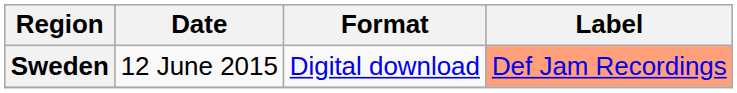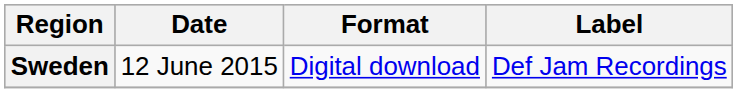 <table class="wikitable sortable plainrowheaders" style="text-align:center;">
 <tr>
 <th>Region</th>
 <th>Date</th>
 <th>Format</th>
 <th>Label</th>
 </tr>
 <tr>
 <th scope="row">Sweden</th>
 <td>12 June 2015</td>
 <td><a href='#'>Digital download</a></td>
-<td style="background: lightsalmon;"><a href='#'>Def Jam Recordings</a></td>
+<td><a href='#'>Def Jam Recordings</a></td>
 </tr>
 <tr>
 </tr>
 </table>
